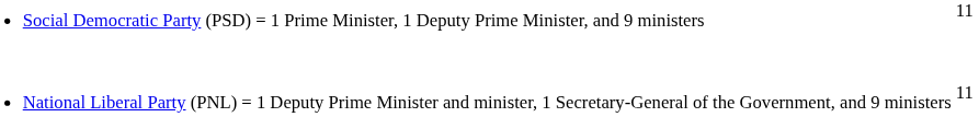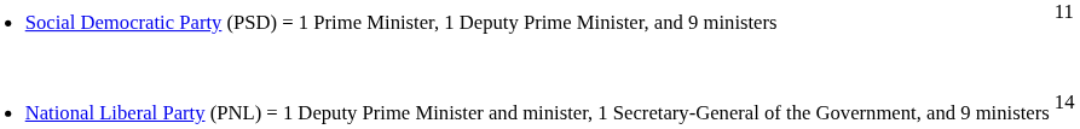 <table>
 <tr>
 <td><br><ul><li><a href='#'>Social Democratic Party</a> (PSD) = 1 Prime Minister, 1 Deputy Prime Minister, and 9 ministers</li></ul></td>
 <td><div>11</div></td>
 </tr>
 <tr>
 <td><br><ul><li><a href='#'>National Liberal Party</a> (PNL) = 1 Deputy Prime Minister and minister, 1 Secretary-General of the Government, and 9 ministers</li></ul></td>
-<td><div>11</div></td>
+<td><div>14</div></td>
 </tr>
 <tr>
 </tr>
 </table>
